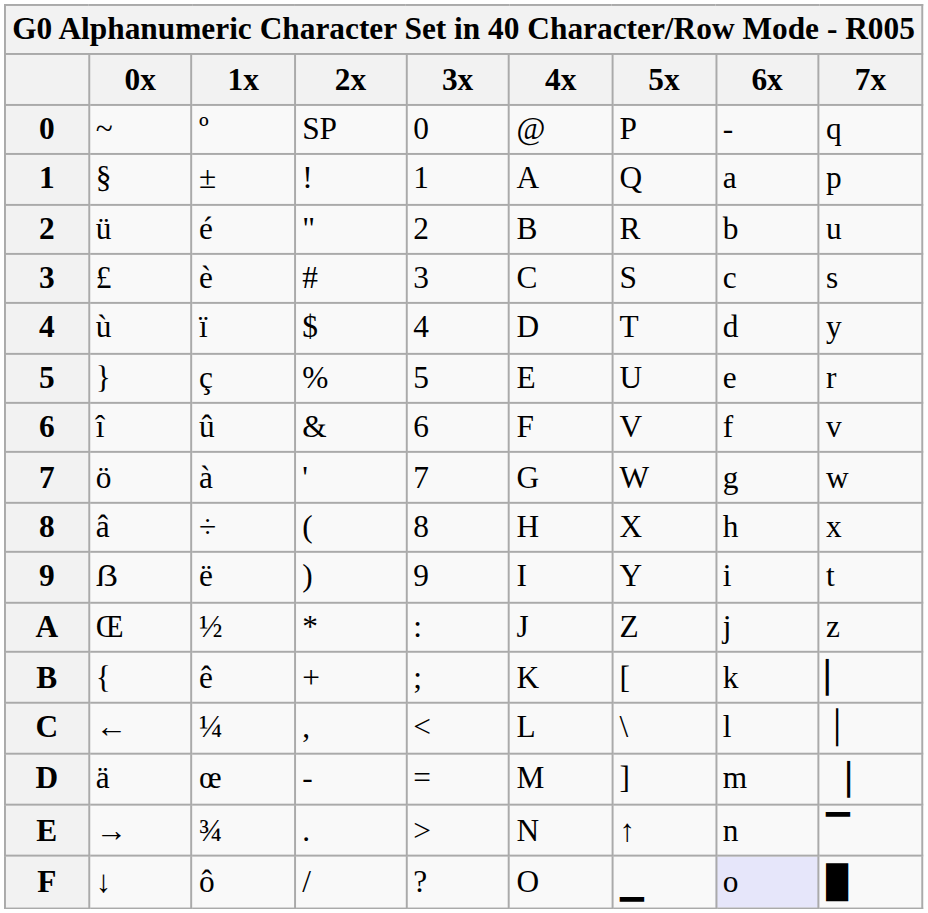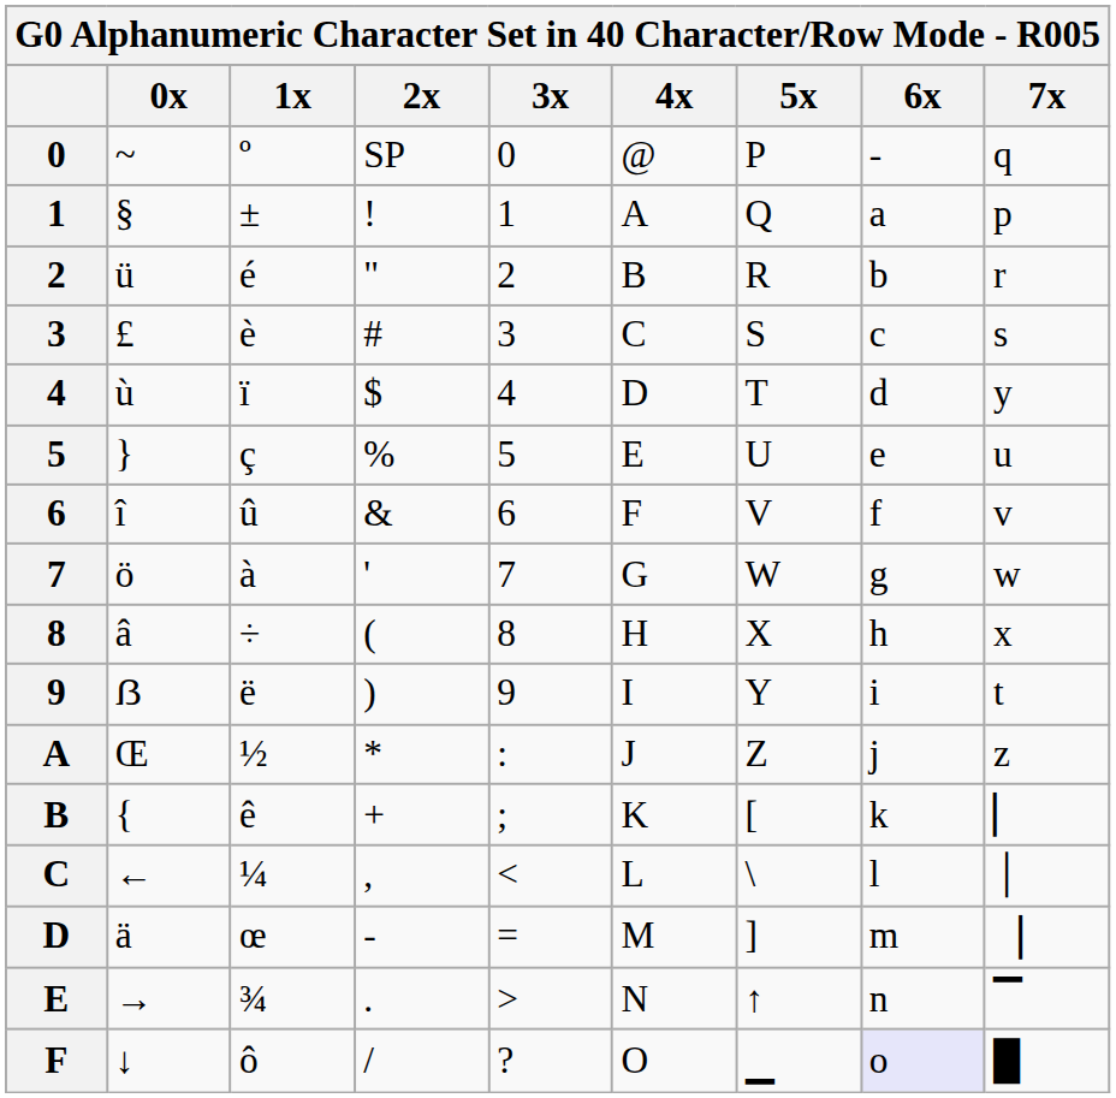 <table class="wikitable">
 <tr>
 <th colspan="9">G0 Alphanumeric Character Set in 40 Character/Row Mode - R005</th>
 </tr>
 <tr>
 <th></th>
 <th>0x</th>
 <th>1x</th>
 <th>2x</th>
 <th>3x</th>
 <th>4x</th>
 <th>5x</th>
 <th>6x</th>
 <th>7x</th>
 </tr>
 <tr>
 <th>0</th>
 <td>~</td>
 <td>º</td>
 <td>SP</td>
 <td>0</td>
 <td>@</td>
 <td>P</td>
 <td>-</td>
 <td>q</td>
 </tr>
 <tr>
 <th>1</th>
 <td>§</td>
 <td>±</td>
 <td>!</td>
 <td>1</td>
 <td>A</td>
 <td>Q</td>
 <td>a</td>
 <td>p</td>
 </tr>
 <tr>
 <th>2</th>
 <td>ü</td>
 <td>é</td>
 <td>"</td>
 <td>2</td>
 <td>B</td>
 <td>R</td>
 <td>b</td>
-<td>u</td>
+<td>r</td>
 </tr>
 <tr>
 <th>3</th>
 <td>£</td>
 <td>è</td>
 <td>#</td>
 <td>3</td>
 <td>C</td>
 <td>S</td>
 <td>c</td>
 <td>s</td>
 </tr>
 <tr>
 <th>4</th>
 <td>ù</td>
 <td>ï</td>
 <td>$</td>
 <td>4</td>
 <td>D</td>
 <td>T</td>
 <td>d</td>
 <td>y</td>
 </tr>
 <tr>
 <th>5</th>
 <td>}</td>
 <td>ç</td>
 <td>%</td>
 <td>5</td>
 <td>E</td>
 <td>U</td>
 <td>e</td>
-<td>r</td>
+<td>u</td>
 </tr>
 <tr>
 <th>6</th>
 <td>î</td>
 <td>û</td>
 <td>&</td>
 <td>6</td>
 <td>F</td>
 <td>V</td>
 <td>f</td>
 <td>v</td>
 </tr>
 <tr>
 <th>7</th>
 <td>ö</td>
 <td>à</td>
 <td>'</td>
 <td>7</td>
 <td>G</td>
 <td>W</td>
 <td>g</td>
 <td>w</td>
 </tr>
 <tr>
 <th>8</th>
 <td>â</td>
 <td>÷</td>
 <td>(</td>
 <td>8</td>
 <td>H</td>
 <td>X</td>
 <td>h</td>
 <td>x</td>
 </tr>
 <tr>
 <th>9</th>
 <td>ẞ</td>
 <td>ë</td>
 <td>)</td>
 <td>9</td>
 <td>I</td>
 <td>Y</td>
 <td>i</td>
 <td>t</td>
 </tr>
 <tr>
 <th>A</th>
 <td>Œ</td>
 <td>½</td>
 <td>*</td>
 <td>:</td>
 <td>J</td>
 <td>Z</td>
 <td>j</td>
 <td>z</td>
 </tr>
 <tr>
 <th>B</th>
 <td>{</td>
 <td>ê</td>
 <td>+</td>
 <td>;</td>
 <td>K</td>
 <td>[</td>
 <td>k</td>
 <td>▏</td>
 </tr>
 <tr>
 <th>C</th>
 <td>←</td>
 <td>¼</td>
 <td>,</td>
 <td><</td>
 <td>L</td>
 <td>\</td>
 <td>l</td>
 <td>│</td>
 </tr>
 <tr>
 <th>D</th>
 <td>ä</td>
 <td>œ</td>
 <td>-</td>
 <td>=</td>
 <td>M</td>
 <td>]</td>
 <td>m</td>
 <td>▕</td>
 </tr>
 <tr>
 <th>E</th>
 <td>→</td>
 <td>¾</td>
 <td>.</td>
 <td>></td>
 <td>N</td>
 <td>↑</td>
 <td>n</td>
 <td>▔</td>
 </tr>
 <tr>
 <th>F</th>
 <td>↓</td>
 <td>ô</td>
 <td>/</td>
 <td>?</td>
 <td>O</td>
 <td>▁</td>
 <td style="background: lavender;">o</td>
 <td>█</td>
 </tr>
 </table>
